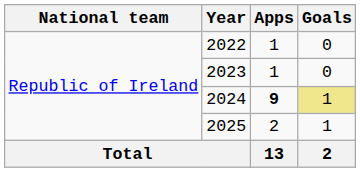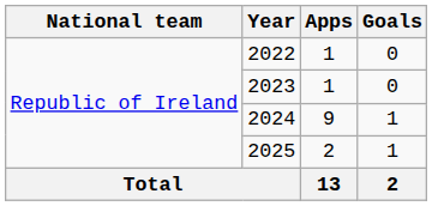 <table class="sortable wikitable" style="text-align:center">
 <tr>
 <th scope="col">National team</th>
 <th scope="col">Year</th>
 <th !scope="col">Apps</th>
 <th>Goals</th>
 </tr>
 <tr>
 <td rowspan="4"><a href='#'>Republic of Ireland</a></td>
 <td scope="row">2022</td>
 <td>1</td>
 <td>0</td>
 </tr>
 <tr>
 <td>2023</td>
 <td>1</td>
 <td>0</td>
 </tr>
 <tr>
 <td>2024</td>
-<td><strong>9</strong></td>
-<td style="background: khaki;">1</td>
+<td>9</td>
+<td>1</td>
 </tr>
 <tr>
 <td>2025</td>
 <td>2</td>
 <td>1</td>
 </tr>
 <tr>
 <th colspan="2">Total</th>
 <th>13</th>
 <th>2</th>
 </tr>
 </table>
